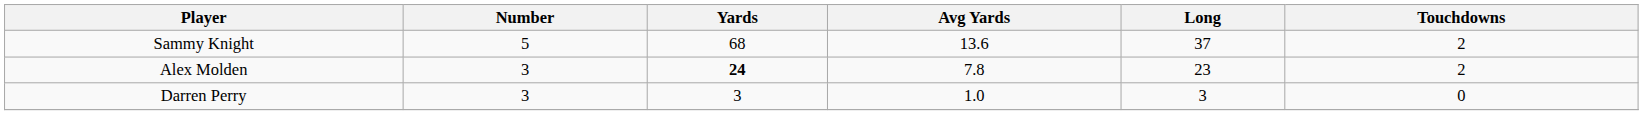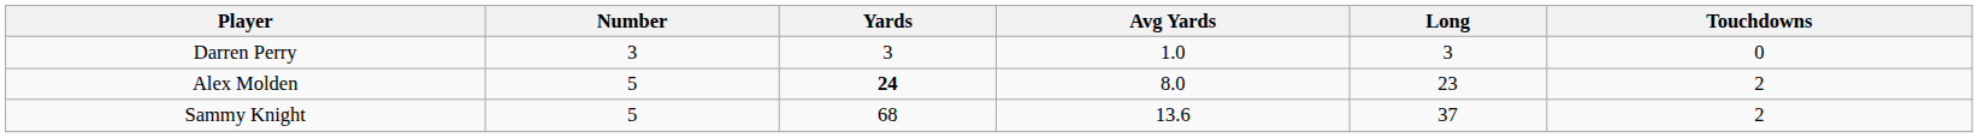 <table class="wikitable" width="80%">
 <tr align="center">
 <th>Player</th>
 <th>Number</th>
 <th>Yards</th>
 <th>Avg Yards</th>
 <th>Long</th>
 <th>Touchdowns</th>
 </tr>
 <tr align="center" bgcolor="">
+<td>Darren Perry</td>
+<td>3</td>
+<td>3</td>
+<td>1.0</td>
+<td>3</td>
+<td>0</td>
+</tr>
+<tr align="center" bgcolor="">
+<td>Alex Molden</td>
+<td>5</td>
+<td><strong>24</strong></td>
+<td>8.0</td>
+<td>23</td>
+<td>2</td>
+</tr>
+<tr align="center" bgcolor="">
 <td>Sammy Knight</td>
 <td>5</td>
 <td>68</td>
 <td>13.6</td>
 <td>37</td>
 <td>2</td>
 </tr>
 <tr align="center" bgcolor="">
-<td>Alex Molden</td>
-<td>3</td>
-<td><strong>24</strong></td>
-<td>7.8</td>
-<td>23</td>
-<td>2</td>
-</tr>
-<tr align="center" bgcolor="">
-<td>Darren Perry</td>
-<td>3</td>
-<td>3</td>
-<td>1.0</td>
-<td>3</td>
-<td>0</td>
-</tr>
-<tr align="center" bgcolor="">
 </tr>
 </table>
